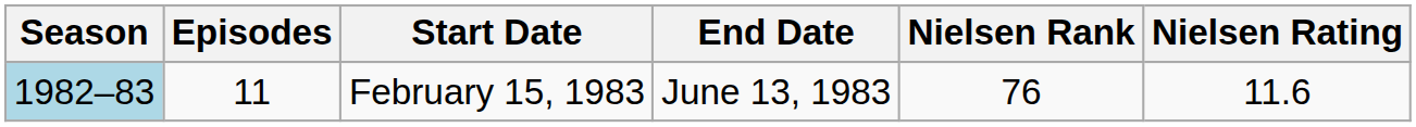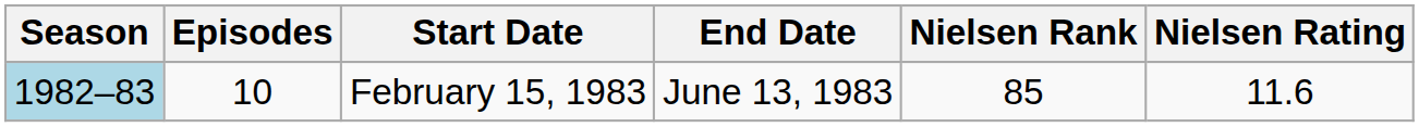 <table class="wikitable" style="text-align: center">
 <tr>
 <th>Season</th>
 <th>Episodes</th>
 <th>Start Date</th>
 <th>End Date</th>
 <th>Nielsen Rank</th>
 <th>Nielsen Rating</th>
 </tr>
 <tr>
 <td style="background: lightblue; text-align:center">1982–83</td>
-<td style="text-align:center">11</td>
+<td style="text-align:center">10</td>
 <td style="text-align:center">February 15, 1983</td>
 <td style="text-align:center">June 13, 1983</td>
-<td style="text-align:center:">76</td>
+<td style="text-align:center:">85</td>
 <td style="text-align:center">11.6</td>
 </tr>
 </table>
